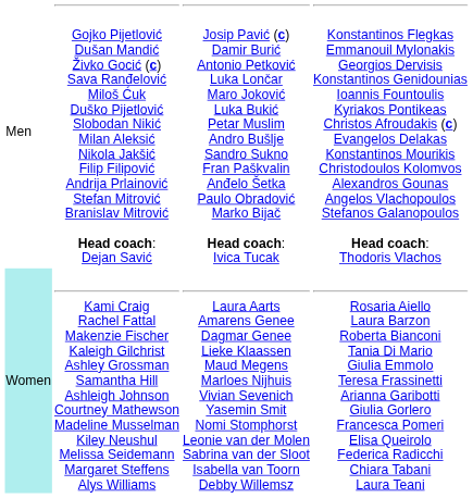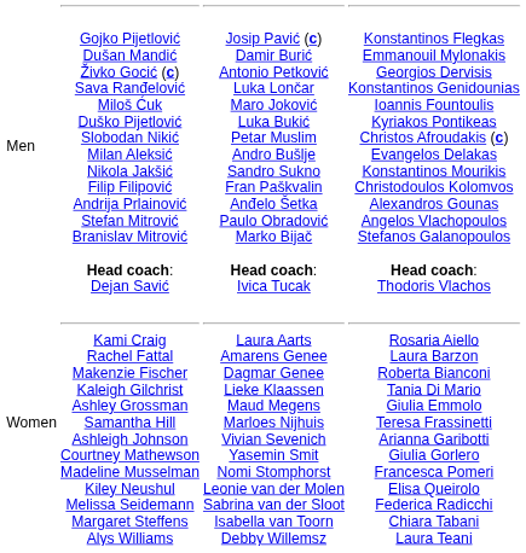 <table>
 <tr>
 <td>Men<br></td>
 <td style="text-align:center; vertical-align:top;"><strong></strong> <hr><br><a href='#'>Gojko Pijetlović</a><br><a href='#'>Dušan Mandić</a><br><a href='#'>Živko Gocić</a> (<a href='#'><strong>c</strong></a>)<br><a href='#'>Sava Ranđelović</a><br><a href='#'>Miloš Ćuk</a><br><a href='#'>Duško Pijetlović</a><br><a href='#'>Slobodan Nikić</a><br><a href='#'>Milan Aleksić</a><br><a href='#'>Nikola Jakšić</a><br><a href='#'>Filip Filipović</a><br><a href='#'>Andrija Prlainović</a><br><a href='#'>Stefan Mitrović</a><br><a href='#'>Branislav Mitrović</a><br><br><strong>Head coach</strong>:<br> <a href='#'>Dejan Savić</a></td>
 <td style="text-align:center; vertical-align:top;"><strong></strong> <hr><br><a href='#'>Josip Pavić</a> (<a href='#'><strong>c</strong></a>)<br><a href='#'>Damir Burić</a><br><a href='#'>Antonio Petković</a><br><a href='#'>Luka Lončar</a><br><a href='#'>Maro Joković</a><br><a href='#'>Luka Bukić</a><br><a href='#'>Petar Muslim</a><br><a href='#'>Andro Bušlje</a><br><a href='#'>Sandro Sukno</a><br><a href='#'>Fran Paškvalin</a><br><a href='#'>Anđelo Šetka</a><br><a href='#'>Paulo Obradović</a><br><a href='#'>Marko Bijač</a><br><br><strong>Head coach</strong>:<br> <a href='#'>Ivica Tucak</a></td>
 <td style="text-align:center; vertical-align:top;"><strong></strong> <hr><br><a href='#'>Konstantinos Flegkas</a><br><a href='#'>Emmanouil Mylonakis</a><br><a href='#'>Georgios Dervisis</a><br><a href='#'>Konstantinos Genidounias</a><br><a href='#'>Ioannis Fountoulis</a><br><a href='#'>Kyriakos Pontikeas</a><br><a href='#'>Christos Afroudakis</a> (<a href='#'><strong>c</strong></a>)<br><a href='#'>Evangelos Delakas</a><br><a href='#'>Konstantinos Mourikis</a><br><a href='#'>Christodoulos Kolomvos</a><br><a href='#'>Alexandros Gounas</a><br><a href='#'>Angelos Vlachopoulos</a><br><a href='#'>Stefanos Galanopoulos</a><br><br><strong>Head coach</strong>:<br> <a href='#'>Thodoris Vlachos</a></td>
 </tr>
 <tr>
-<td style="background: paleturquoise;">Women<br></td>
+<td>Women<br></td>
 <td style="text-align:center; vertical-align:top;"><br><hr><a href='#'>Kami Craig</a><br><a href='#'>Rachel Fattal</a><br><a href='#'>Makenzie Fischer</a><br><a href='#'>Kaleigh Gilchrist</a><br><a href='#'>Ashley Grossman</a><br><a href='#'>Samantha Hill</a><br><a href='#'>Ashleigh Johnson</a><br><a href='#'>Courtney Mathewson</a><br><a href='#'>Madeline Musselman</a><br><a href='#'>Kiley Neushul</a><br><a href='#'>Melissa Seidemann</a><br><a href='#'>Margaret Steffens</a><br><a href='#'>Alys Williams</a></td>
 <td style="text-align:center; vertical-align:top;"><br><hr><a href='#'>Laura Aarts</a><br><a href='#'>Amarens Genee</a><br><a href='#'>Dagmar Genee</a><br><a href='#'>Lieke Klaassen</a><br><a href='#'>Maud Megens</a><br><a href='#'>Marloes Nijhuis</a><br><a href='#'>Vivian Sevenich</a><br><a href='#'>Yasemin Smit</a><br><a href='#'>Nomi Stomphorst</a><br><a href='#'>Leonie van der Molen</a><br><a href='#'>Sabrina van der Sloot</a><br><a href='#'>Isabella van Toorn</a><br><a href='#'>Debby Willemsz</a></td>
 <td style="text-align:center; vertical-align:top;"><br><hr><a href='#'>Rosaria Aiello</a><br><a href='#'>Laura Barzon</a><br><a href='#'>Roberta Bianconi</a><br><a href='#'>Tania Di Mario</a><br><a href='#'>Giulia Emmolo</a><br><a href='#'>Teresa Frassinetti</a><br><a href='#'>Arianna Garibotti</a><br><a href='#'>Giulia Gorlero</a><br><a href='#'>Francesca Pomeri</a><br><a href='#'>Elisa Queirolo</a><br><a href='#'>Federica Radicchi</a><br><a href='#'>Chiara Tabani</a><br><a href='#'>Laura Teani</a></td>
 </tr>
 </table>
